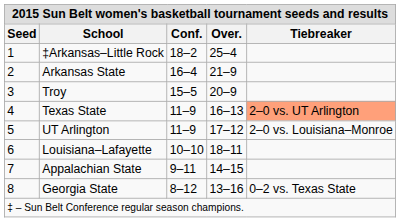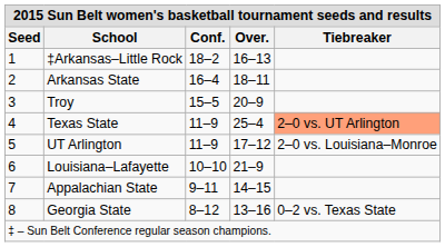 <table class="wikitable" style="white-space:nowrap; font-size:90%;">
 <tr>
 <td colspan="10" style="text-align:center; background:#DDDDDD; font:#000000"><strong>2015 Sun Belt women's basketball tournament seeds and results</strong></td>
 </tr>
 <tr bgcolor="#efefef">
 <th>Seed</th>
 <th>School</th>
 <th>Conf.</th>
 <th>Over.</th>
 <th>Tiebreaker</th>
 </tr>
 <tr>
 <td>1</td>
 <td>‡Arkansas–Little Rock</td>
 <td>18–2</td>
-<td>25–4</td>
+<td>16–13</td>
 <td></td>
 </tr>
 <tr>
 <td>2</td>
 <td>Arkansas State</td>
 <td>16–4</td>
-<td>21–9</td>
+<td>18–11</td>
 <td></td>
 </tr>
 <tr>
 <td>3</td>
 <td>Troy</td>
 <td>15–5</td>
 <td>20–9</td>
 <td></td>
 </tr>
 <tr>
 <td>4</td>
 <td>Texas State</td>
 <td>11–9</td>
-<td>16–13</td>
+<td>25–4</td>
 <td style="background: lightsalmon;">2–0 vs. UT Arlington</td>
 </tr>
 <tr>
 <td>5</td>
 <td>UT Arlington</td>
 <td>11–9</td>
 <td>17–12</td>
 <td>2–0 vs. Louisiana–Monroe</td>
 </tr>
 <tr>
 <td>6</td>
 <td>Louisiana–Lafayette</td>
 <td>10–10</td>
-<td>18–11</td>
+<td>21–9</td>
 <td></td>
 </tr>
 <tr>
 <td>7</td>
 <td>Appalachian State</td>
 <td>9–11</td>
 <td>14–15</td>
 <td></td>
 </tr>
 <tr>
 <td>8</td>
 <td>Georgia State</td>
 <td>8–12</td>
 <td>13–16</td>
 <td>0–2 vs. Texas State</td>
 </tr>
 <tr>
 <td colspan="6" style="text-align:left;"><small>‡ – Sun Belt Conference regular season champions.</small></td>
 </tr>
 </table>
